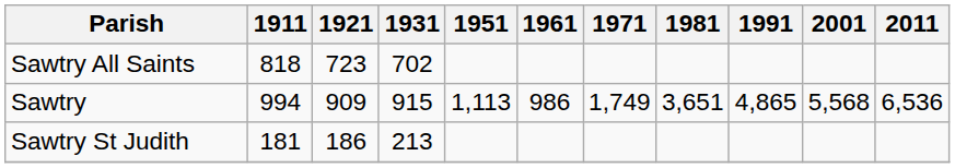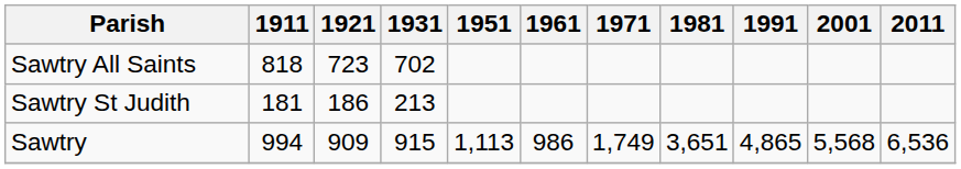 <table class="wikitable" style="text-align:center">
 <tr>
 <th width="150">Parish<br></th>
 <th width="30">1911<br></th>
 <th width="30">1921<br></th>
 <th width="30">1931<br></th>
 <th width="30">1951<br></th>
 <th width="30">1961<br></th>
 <th width="30">1971<br></th>
 <th width="30">1981<br></th>
 <th width="30">1991<br></th>
 <th width="30">2001<br></th>
 <th width="30">2011 <br></th>
 </tr>
 <tr>
 <td align=left>Sawtry All Saints</td>
 <td align="center">818</td>
 <td align="center">723</td>
 <td align="center">702</td>
 <td align="center"></td>
 <td align="center"></td>
 <td align="center"></td>
 <td align="center"></td>
 <td align="center"></td>
 <td align="center"></td>
 <td align="center"></td>
 </tr>
 <tr>
+<td align=left>Sawtry St Judith</td>
+<td align="center">181</td>
+<td align="center">186</td>
+<td align="center">213</td>
+<td align="center"></td>
+<td align="center"></td>
+<td align="center"></td>
+<td align="center"></td>
+<td align="center"></td>
+<td align="center"></td>
+<td align="center"></td>
+</tr>
+<tr>
 <td align=left>Sawtry</td>
 <td align="center">994</td>
 <td align="center">909</td>
 <td align="center">915</td>
 <td align="center">1,113</td>
 <td align="center">986</td>
 <td align="center">1,749</td>
 <td align="center">3,651</td>
 <td align="center">4,865</td>
 <td align="center">5,568</td>
 <td align="center">6,536</td>
 </tr>
 <tr>
-<td align=left>Sawtry St Judith</td>
-<td align="center">181</td>
-<td align="center">186</td>
-<td align="center">213</td>
-<td align="center"></td>
-<td align="center"></td>
-<td align="center"></td>
-<td align="center"></td>
-<td align="center"></td>
-<td align="center"></td>
-<td align="center"></td>
-</tr>
-<tr>
 </tr>
 </table>
